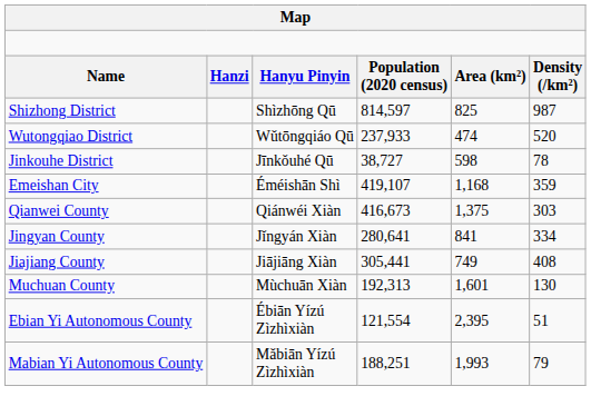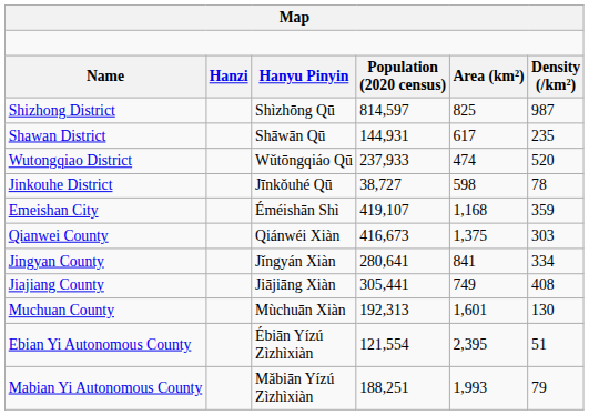 <table class="wikitable"  style="font-size:90%;" align=center>
 <tr>
 <th colspan="6" align="center">Map</th>
 </tr>
 <tr>
 <td colspan="6" align="center"><div><br>              </div></td>
 </tr>
 <tr>
 <th>Name</th>
 <th><a href='#'>Hanzi</a></th>
 <th><a href='#'>Hanyu Pinyin</a></th>
 <th>Population<br>(2020 census)</th>
 <th>Area (km²)</th>
 <th>Density<br>(/km²)</th>
 </tr>
 <tr --------->
 <td><a href='#'>Shizhong District</a></td>
 <td></td>
 <td>Shìzhōng Qū</td>
 <td>814,597</td>
 <td>825</td>
 <td>987</td>
+</tr>
+<tr --------->
+<td><a href='#'>Shawan District</a></td>
+<td></td>
+<td>Shāwān Qū</td>
+<td>144,931</td>
+<td>617</td>
+<td>235</td>
 </tr>
 <tr --------->
 <td><a href='#'>Wutongqiao District</a></td>
 <td></td>
 <td>Wǔtōngqiáo Qū</td>
 <td>237,933</td>
 <td>474</td>
 <td>520</td>
 </tr>
 <tr --------->
 <td><a href='#'>Jinkouhe District</a></td>
 <td></td>
 <td>Jīnkǒuhé Qū</td>
 <td>38,727</td>
 <td>598</td>
 <td>78</td>
 </tr>
 <tr --------->
 <td><a href='#'>Emeishan City</a></td>
 <td></td>
 <td>Éméishān Shì</td>
 <td>419,107</td>
 <td>1,168</td>
 <td>359</td>
 </tr>
 <tr --------->
 <td><a href='#'>Qianwei County</a></td>
 <td></td>
 <td>Qiánwéi Xiàn</td>
 <td>416,673</td>
 <td>1,375</td>
 <td>303</td>
 </tr>
 <tr --------->
 <td><a href='#'>Jingyan County</a></td>
 <td></td>
 <td>Jǐngyán Xiàn</td>
 <td>280,641</td>
 <td>841</td>
 <td>334</td>
 </tr>
 <tr --------->
 <td><a href='#'>Jiajiang County</a></td>
 <td></td>
 <td>Jiājiāng Xiàn</td>
 <td>305,441</td>
 <td>749</td>
 <td>408</td>
 </tr>
 <tr --------->
 <td><a href='#'>Muchuan County</a></td>
 <td></td>
 <td>Mùchuān Xiàn</td>
 <td>192,313</td>
 <td>1,601</td>
 <td>130</td>
 </tr>
 <tr --------->
 <td><a href='#'>Ebian Yi Autonomous County</a></td>
 <td></td>
 <td>Ébiān Yízú<br>Zìzhìxiàn</td>
 <td>121,554</td>
 <td>2,395</td>
 <td>51</td>
 </tr>
 <tr --------->
 <td><a href='#'>Mabian Yi Autonomous County</a></td>
 <td></td>
 <td>Mǎbiān Yízú<br>Zìzhìxiàn</td>
 <td>188,251</td>
 <td>1,993</td>
 <td>79</td>
 </tr>
 </table>
